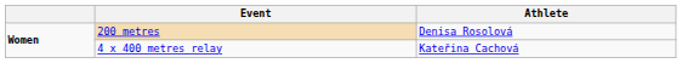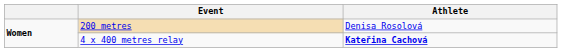 <table class=wikitable style="font-size:90%" width=60%>
 <tr>
 <th></th>
 <th>Event</th>
 <th>Athlete</th>
 </tr>
 <tr>
 <td rowspan=2><strong>Women</strong></td>
 <td bgcolor="wheat"><a href='#'>200 metres</a></td>
 <td><a href='#'>Denisa Rosolová</a></td>
 </tr>
 <tr>
 <td><a href='#'>4 x 400 metres relay</a></td>
-<td><a href='#'>Kateřina Cachová</a></td>
+<td><strong><a href='#'>Kateřina Cachová</a></strong></td>
 </tr>
 </table>
